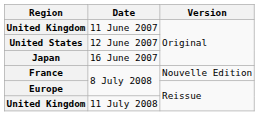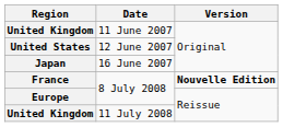 <table class="wikitable plainrowheaders">
 <tr>
 <th>Region</th>
 <th>Date</th>
 <th>Version</th>
 </tr>
 <tr>
 <th scope="row">United Kingdom</th>
 <td>11 June 2007</td>
 <td rowspan="3">Original</td>
 </tr>
 <tr>
 <th scope="row">United States</th>
 <td>12 June 2007</td>
 </tr>
 <tr>
 <th scope="row">Japan</th>
 <td>16 June 2007</td>
 </tr>
 <tr>
 <th scope="row">France</th>
 <td rowspan=2>8 July 2008</td>
-<td>Nouvelle Edition</td>
+<td><strong>Nouvelle Edition</strong></td>
 </tr>
 <tr>
 <th scope="row">Europe</th>
 <td rowspan=2>Reissue</td>
 </tr>
 <tr>
 <th scope="row">United Kingdom</th>
 <td>11 July 2008</td>
 </tr>
 </table>
